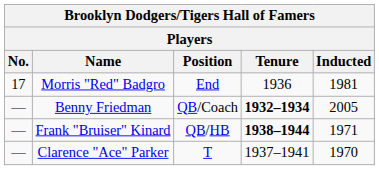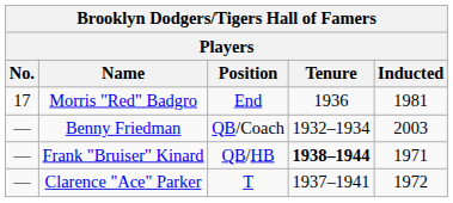 <table class="wikitable" style="text-align:center">
 <tr>
 <th colspan="5">Brooklyn Dodgers/Tigers Hall of Famers</th>
 </tr>
 <tr>
 <th colspan="5">Players</th>
 </tr>
 <tr>
 <th>No.</th>
 <th>Name</th>
 <th>Position</th>
 <th>Tenure</th>
 <th>Inducted</th>
 </tr>
 <tr>
 <td>17</td>
 <td><a href='#'>Morris "Red" Badgro</a></td>
 <td><a href='#'>End</a></td>
 <td>1936</td>
 <td>1981</td>
 </tr>
 <tr>
 <td>—</td>
 <td><a href='#'>Benny Friedman</a></td>
 <td><a href='#'>QB</a>/Coach</td>
-<td><strong>1932–1934</strong></td>
-<td>2005</td>
+<td>1932–1934</td>
+<td>2003</td>
 </tr>
 <tr>
 <td>—</td>
 <td><a href='#'>Frank "Bruiser" Kinard</a></td>
 <td><a href='#'>QB</a>/<a href='#'>HB</a></td>
 <td><strong>1938–1944</strong></td>
 <td>1971</td>
 </tr>
 <tr>
 <td>—</td>
 <td><a href='#'>Clarence "Ace" Parker</a></td>
 <td><a href='#'>T</a></td>
 <td>1937–1941</td>
-<td>1970</td>
+<td>1972</td>
 </tr>
 </table>
